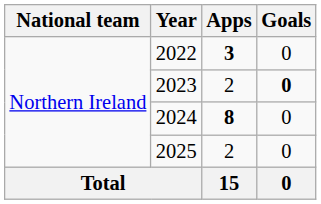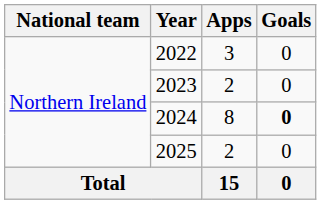 <table class=wikitable style=text-align:center>
 <tr>
 <th>National team</th>
 <th>Year</th>
 <th>Apps</th>
 <th>Goals</th>
 </tr>
 <tr>
 <td rowspan="4"><a href='#'>Northern Ireland</a></td>
 <td>2022</td>
-<td><strong>3</strong></td>
+<td>3</td>
 <td>0</td>
 </tr>
 <tr>
 <td>2023</td>
 <td>2</td>
-<td><strong>0</strong></td>
+<td>0</td>
 </tr>
 <tr>
 <td>2024</td>
-<td><strong>8</strong></td>
-<td>0</td>
+<td>8</td>
+<td><strong>0</strong></td>
 </tr>
 <tr>
 <td>2025</td>
 <td>2</td>
 <td>0</td>
 </tr>
 <tr>
 <th colspan="2">Total</th>
 <th>15</th>
 <th>0</th>
 </tr>
 </table>
